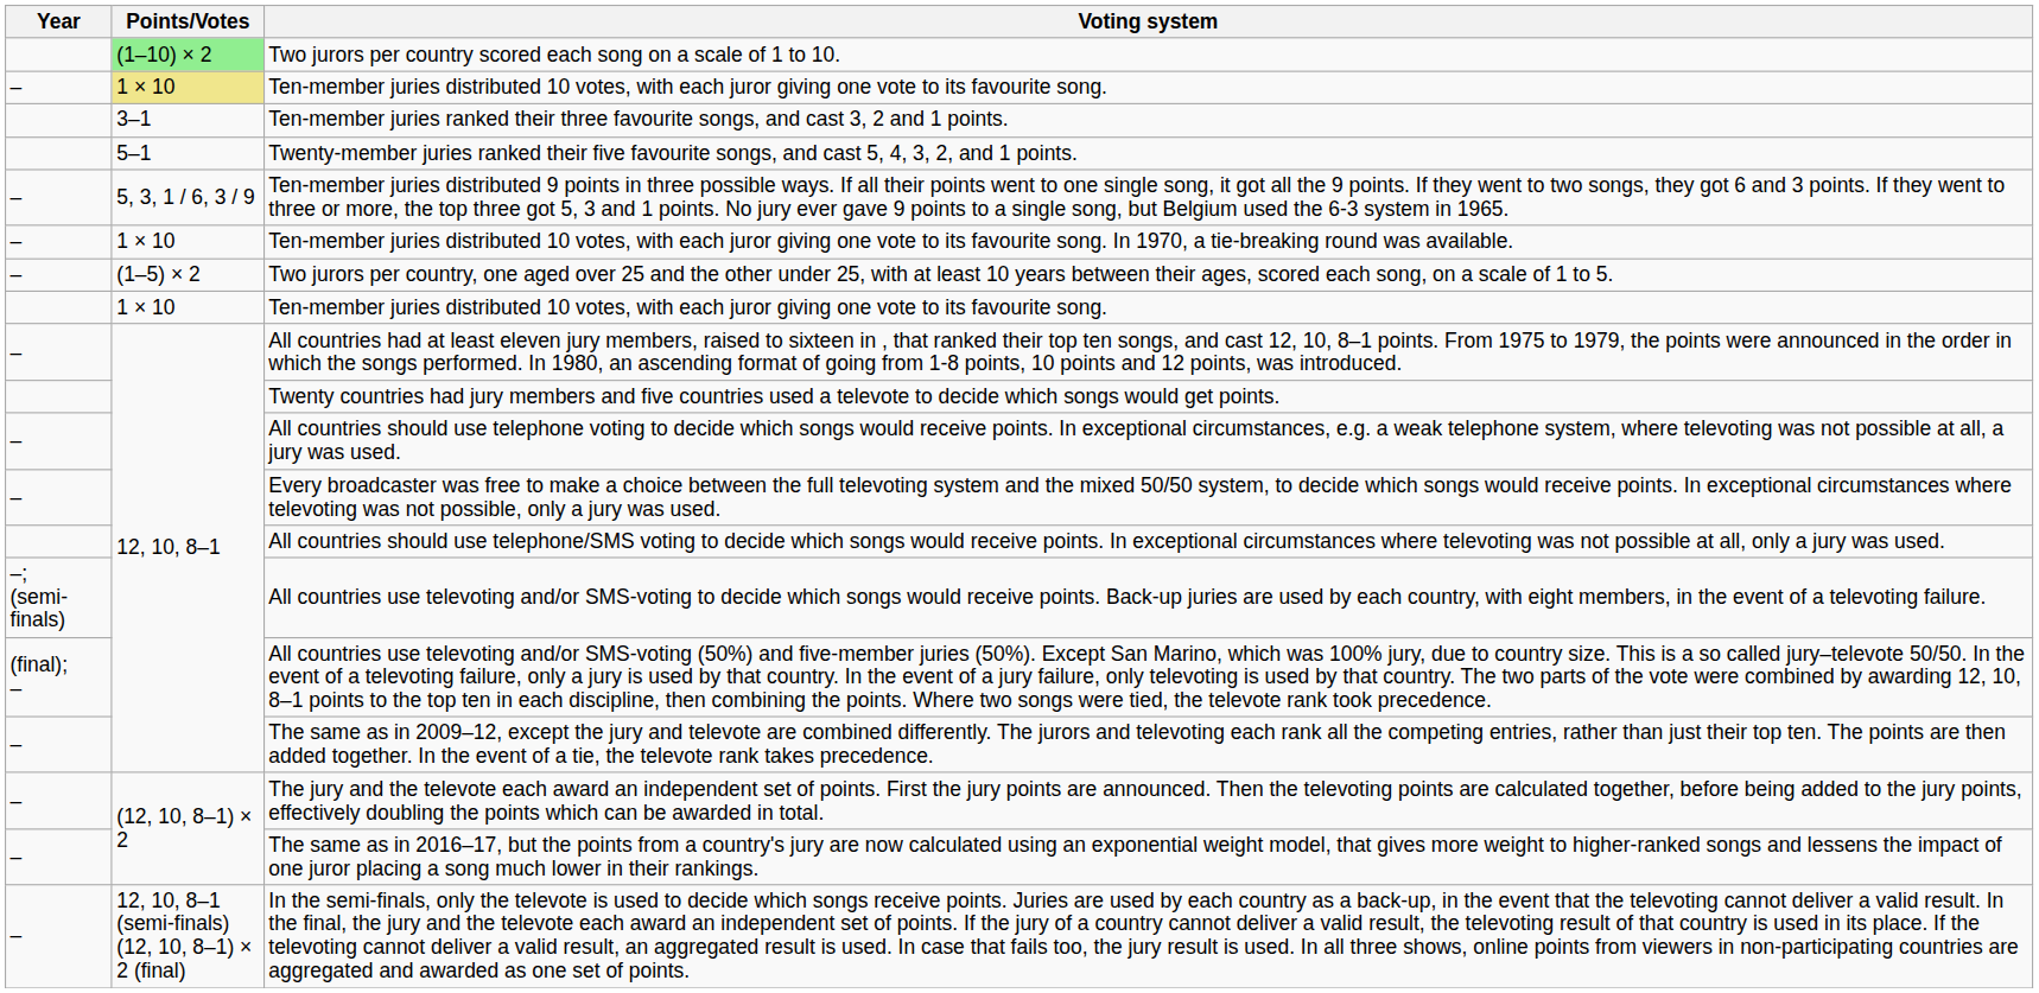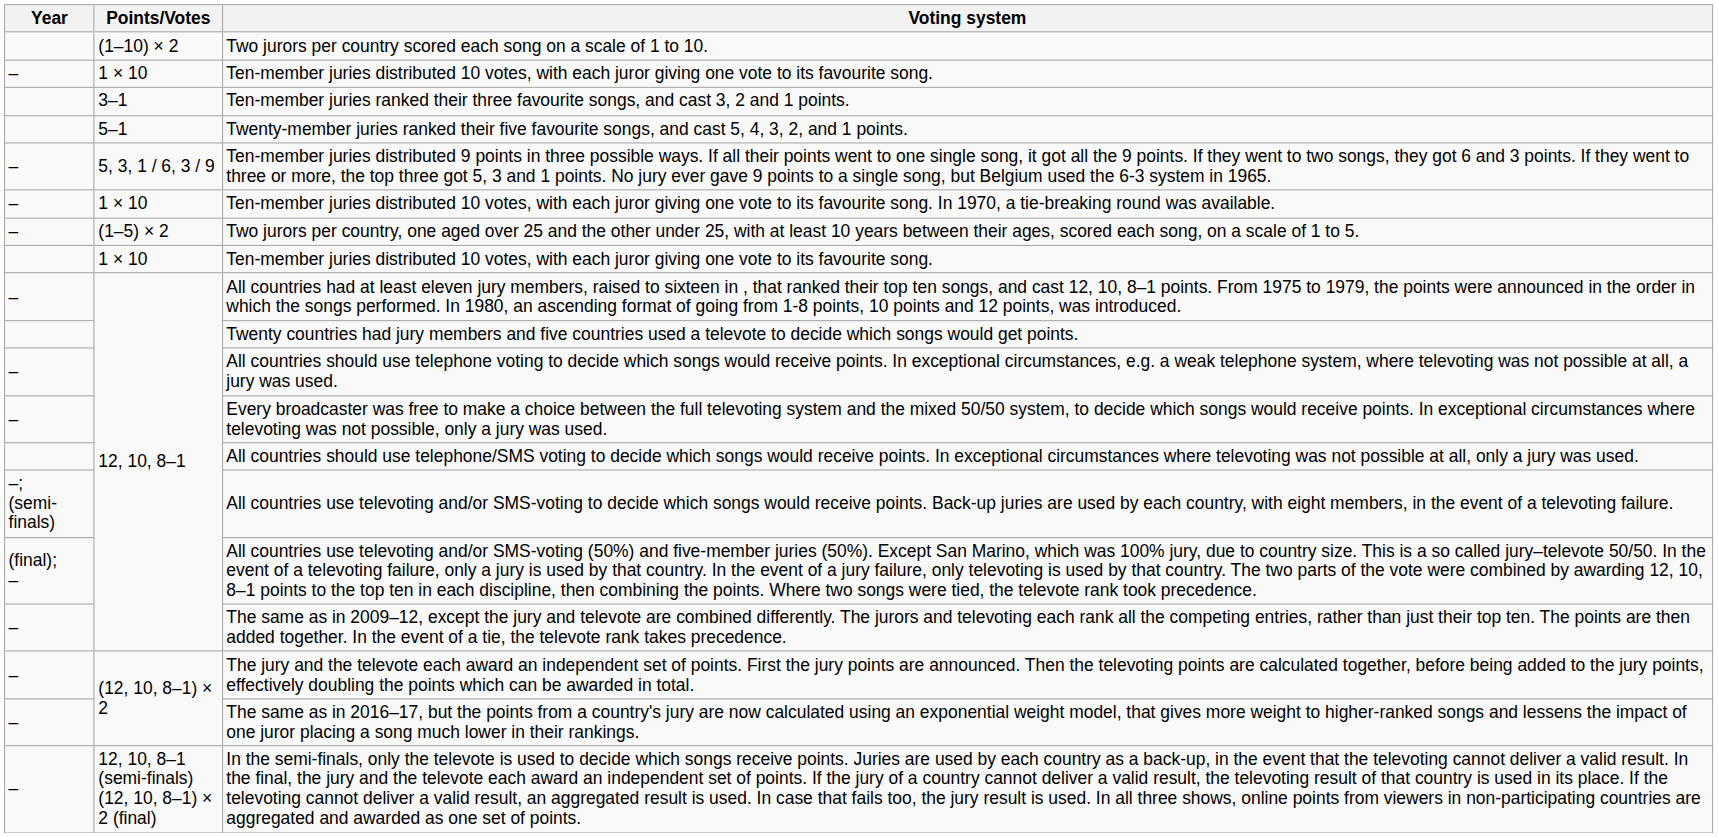 <table class="wikitable">
 <tr>
 <th width="75">Year</th>
 <th width="110">Points/Votes</th>
 <th>Voting system</th>
 </tr>
 <tr>
 <td></td>
-<td style="background: lightgreen;">(1–10) × 2</td>
+<td>(1–10) × 2</td>
 <td>Two jurors per country scored each song on a scale of 1 to 10.</td>
 </tr>
 <tr>
 <td>–</td>
-<td style="background: khaki;">1 × 10</td>
+<td>1 × 10</td>
 <td>Ten-member juries distributed 10 votes, with each juror giving one vote to its favourite song.</td>
 </tr>
 <tr>
 <td></td>
 <td>3–1</td>
 <td>Ten-member juries ranked their three favourite songs, and cast 3, 2 and 1 points.</td>
 </tr>
 <tr>
 <td></td>
 <td>5–1</td>
 <td>Twenty-member juries ranked their five favourite songs, and cast 5, 4, 3, 2, and 1 points.</td>
 </tr>
 <tr>
 <td>–</td>
 <td>5, 3, 1 / 6, 3 / 9</td>
 <td>Ten-member juries distributed 9 points in three possible ways. If all their points went to one single song, it got all the 9 points. If they went to two songs, they got 6 and 3 points. If they went to three or more, the top three got 5, 3 and 1 points. No jury ever gave 9 points to a single song, but Belgium used the 6-3 system in 1965.</td>
 </tr>
 <tr>
 <td>–</td>
 <td>1 × 10</td>
 <td>Ten-member juries distributed 10 votes, with each juror giving one vote to its favourite song. In 1970, a tie-breaking round was available.</td>
 </tr>
 <tr>
 <td>–</td>
 <td>(1–5) × 2</td>
 <td>Two jurors per country, one aged over 25 and the other under 25, with at least 10 years between their ages, scored each song, on a scale of 1 to 5.</td>
 </tr>
 <tr>
 <td></td>
 <td>1 × 10</td>
 <td>Ten-member juries distributed 10 votes, with each juror giving one vote to its favourite song.</td>
 </tr>
 <tr>
 <td>–</td>
 <td rowspan="8">12, 10, 8–1</td>
 <td>All countries had at least eleven jury members, raised to sixteen in , that ranked their top ten songs, and cast 12, 10, 8–1 points. From 1975 to 1979, the points were announced in the order in which the songs performed. In 1980, an ascending format of going from 1-8 points, 10 points and 12 points, was introduced.</td>
 </tr>
 <tr>
 <td></td>
 <td>Twenty countries had jury members and five countries used a televote to decide which songs would get points.</td>
 </tr>
 <tr>
 <td>–</td>
 <td>All countries should use telephone voting to decide which songs would receive points.  In exceptional circumstances, e.g. a weak telephone system, where televoting was not possible at all, a jury was used.</td>
 </tr>
 <tr>
 <td>–</td>
 <td>Every broadcaster was free to make a choice between the full televoting system and the mixed 50/50 system, to decide which songs would receive points. In exceptional circumstances where televoting was not possible, only a jury was used.</td>
 </tr>
 <tr>
 <td></td>
 <td>All countries should use telephone/SMS voting to decide which songs would receive points. In exceptional circumstances where televoting was not possible at all, only a jury was used.</td>
 </tr>
 <tr>
 <td>–; <br> (semi-finals)</td>
 <td>All countries use televoting and/or SMS-voting to decide which songs would receive points. Back-up juries are used by each country, with eight members, in the event of a televoting failure.</td>
 </tr>
 <tr>
 <td> (final);<br>–</td>
 <td>All countries use televoting and/or SMS-voting (50%) and five-member juries (50%). Except San Marino, which was 100% jury, due to country size. This is a so called jury–televote 50/50. In the event of a televoting failure, only a jury is used by that country. In the event of a jury failure, only televoting is used by that country. The two parts of the vote were combined by awarding 12, 10, 8–1 points to the top ten in each discipline, then combining the points. Where two songs were tied, the televote rank took precedence.</td>
 </tr>
 <tr>
 <td>–</td>
 <td>The same as in 2009–12, except the jury and televote are combined differently. The jurors and televoting each rank all the competing entries, rather than just their top ten. The points are then added together. In the event of a tie, the televote rank takes precedence.</td>
 </tr>
 <tr>
 <td>–</td>
 <td rowspan="2">(12, 10, 8–1) × 2</td>
 <td>The jury and the televote each award an independent set of points. First the jury points are announced. Then the televoting points are calculated together, before being added to the jury points, effectively doubling the points which can be awarded in total.</td>
 </tr>
 <tr>
 <td>–</td>
 <td>The same as in 2016–17, but the points from a country's jury are now calculated using an exponential weight model, that gives more weight to higher-ranked songs and lessens the impact of one juror placing a song much lower in their rankings.</td>
 </tr>
 <tr>
 <td>–</td>
 <td>12, 10, 8–1 (semi-finals)<br>(12, 10, 8–1) × 2 (final)</td>
 <td>In the semi-finals, only the televote is used to decide which songs receive points. Juries are used by each country as a back-up, in the event that the televoting cannot deliver a valid result. In the final, the jury and the televote each award an independent set of points. If the jury of a country cannot deliver a valid result, the televoting result of that country is used in its place. If the televoting cannot deliver a valid result, an aggregated result is used. In case that fails too, the jury result is used. In all three shows, online points from viewers in non-participating countries are aggregated and awarded as one set of points.</td>
 </tr>
 </table>
